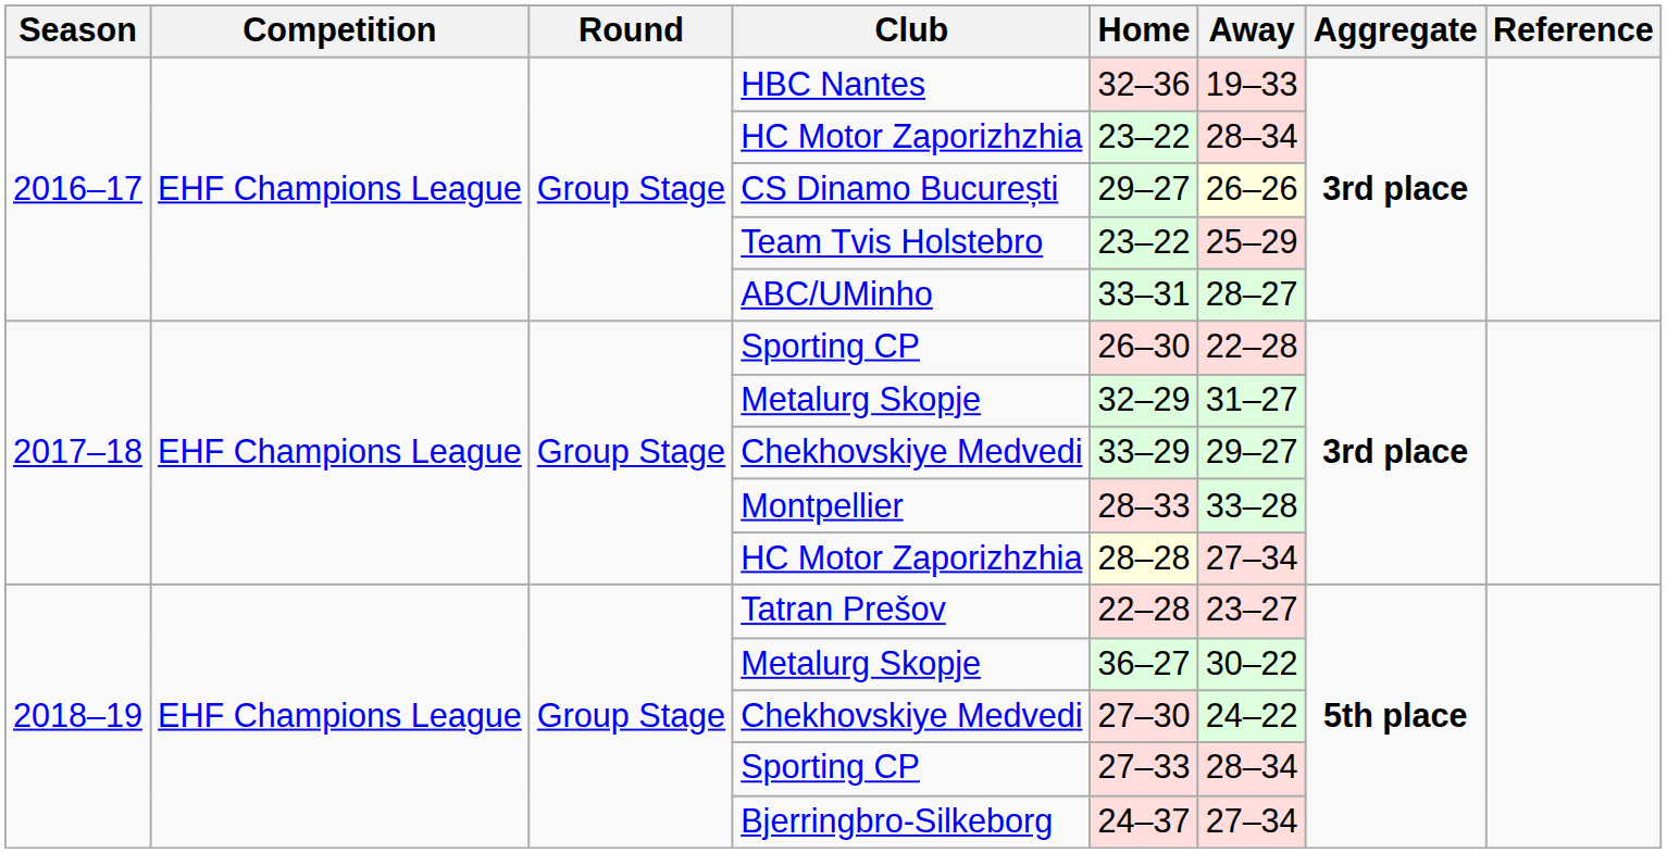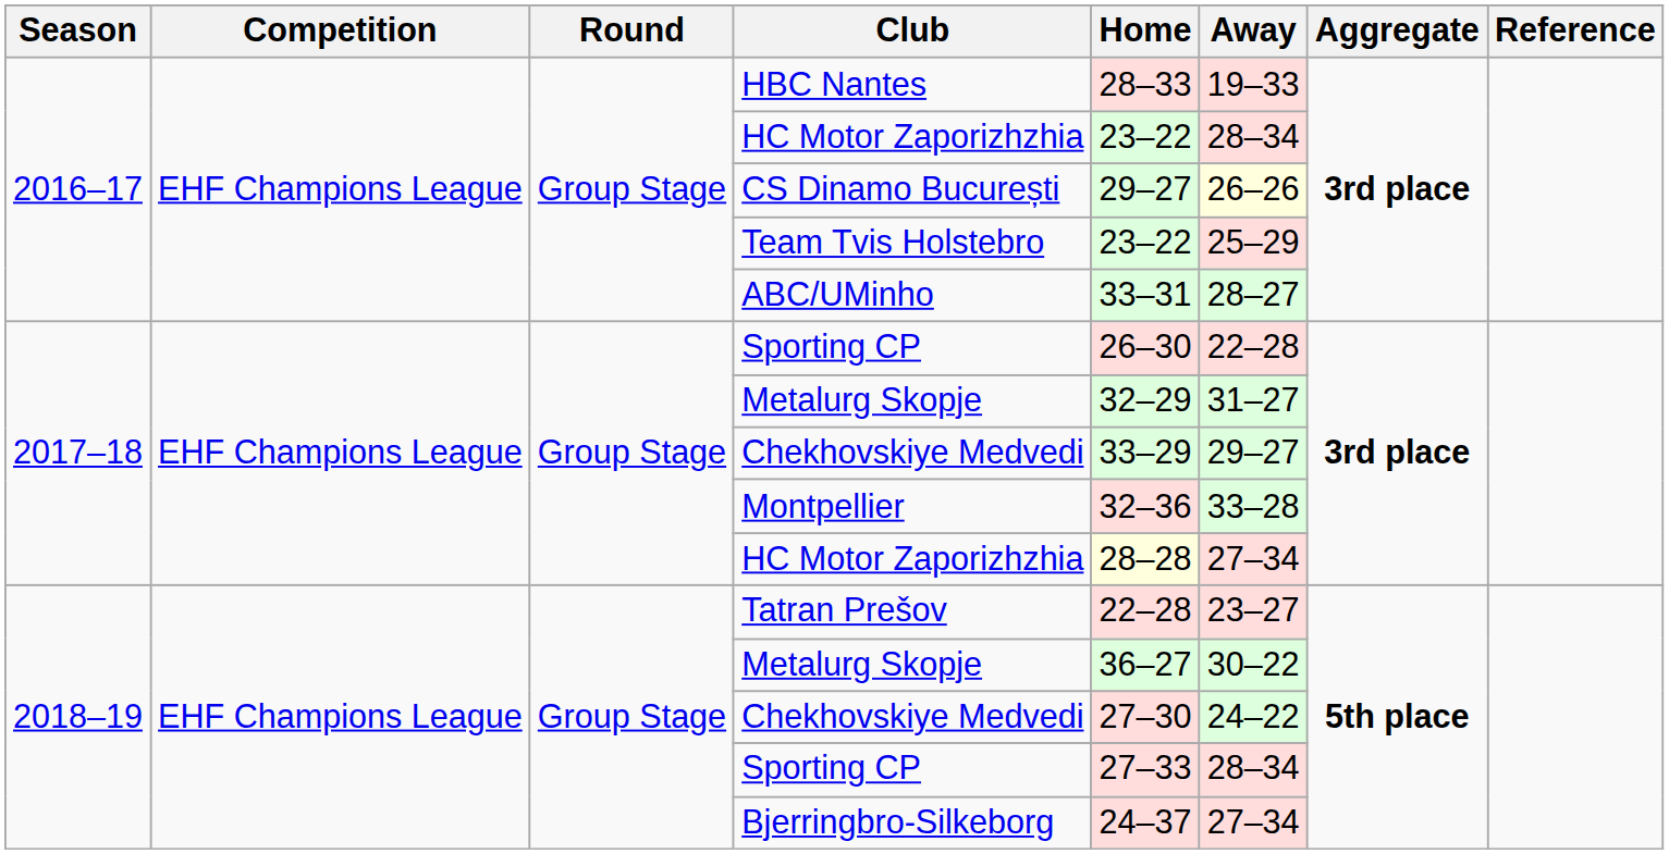 <table class="wikitable">
 <tr>
 <th>Season</th>
 <th>Competition</th>
 <th>Round</th>
 <th>Club</th>
 <th>Home</th>
 <th>Away</th>
 <th>Aggregate</th>
 <th>Reference</th>
 </tr>
 <tr>
 <td rowspan="5"><a href='#'>2016–17</a></td>
 <td rowspan="5"><a href='#'>EHF Champions League</a></td>
 <td rowspan="5" style="text-align:center;"><a href='#'>Group Stage</a></td>
 <td> <a href='#'>HBC Nantes</a></td>
-<td style="text-align:center; background:#fdd;">32–36</td>
+<td style="text-align:center; background:#fdd;">28–33</td>
 <td style="text-align:center; background:#fdd;">19–33</td>
 <td rowspan="5" style="text-align:center;"><strong>3rd place</strong></td>
 <td rowspan="5" style="text-align:center;"></td>
 </tr>
 <tr>
 <td> <a href='#'>HC Motor Zaporizhzhia</a></td>
 <td style="text-align:center; background:#dfd;">23–22</td>
 <td style="text-align:center; background:#fdd;">28–34</td>
 </tr>
 <tr>
 <td> <a href='#'>CS Dinamo București</a></td>
 <td style="text-align:center; background:#dfd;">29–27</td>
 <td style="text-align:center; background:#ffd;">26–26</td>
 </tr>
 <tr>
 <td> <a href='#'>Team Tvis Holstebro</a></td>
 <td style="text-align:center; background:#dfd;">23–22</td>
 <td style="text-align:center; background:#fdd;">25–29</td>
 </tr>
 <tr>
 <td> <a href='#'>ABC/UMinho</a></td>
 <td style="text-align:center; background:#dfd;">33–31</td>
 <td style="text-align:center; background:#dfd;">28–27</td>
 </tr>
 <tr>
 <td rowspan="5"><a href='#'>2017–18</a></td>
 <td rowspan="5"><a href='#'>EHF Champions League</a></td>
 <td rowspan="5" style="text-align:center;"><a href='#'>Group Stage</a></td>
 <td> <a href='#'>Sporting CP</a></td>
 <td style="text-align:center; background:#fdd;">26–30</td>
 <td style="text-align:center; background:#fdd;">22–28</td>
 <td rowspan="5" style="text-align:center;"><strong>3rd place</strong></td>
 <td rowspan="5" style="text-align:center;"></td>
 </tr>
 <tr>
 <td> <a href='#'>Metalurg Skopje</a></td>
 <td style="text-align:center; background:#dfd;">32–29</td>
 <td style="text-align:center; background:#dfd;">31–27</td>
 </tr>
 <tr>
 <td> <a href='#'>Chekhovskiye Medvedi</a></td>
 <td style="text-align:center; background:#dfd;">33–29</td>
 <td style="text-align:center; background:#dfd;">29–27</td>
 </tr>
 <tr>
 <td> <a href='#'>Montpellier</a></td>
-<td style="text-align:center; background:#fdd;">28–33</td>
+<td style="text-align:center; background:#fdd;">32–36</td>
 <td style="text-align:center; background:#dfd;">33–28</td>
 </tr>
 <tr>
 <td> <a href='#'>HC Motor Zaporizhzhia</a></td>
 <td style="text-align:center; background:#ffd;">28–28</td>
 <td style="text-align:center; background:#fdd;">27–34</td>
 </tr>
 <tr>
 <td rowspan="5"><a href='#'>2018–19</a></td>
 <td rowspan="5"><a href='#'>EHF Champions League</a></td>
 <td rowspan="5" style="text-align:center;"><a href='#'>Group Stage</a></td>
 <td> <a href='#'>Tatran Prešov</a></td>
 <td style="text-align:center; background:#fdd;">22–28</td>
 <td style="text-align:center; background:#fdd;">23–27</td>
 <td rowspan="5" style="text-align:center;"><strong>5th place</strong></td>
 <td rowspan="5" style="text-align:center;"></td>
 </tr>
 <tr>
 <td> <a href='#'>Metalurg Skopje</a></td>
 <td style="text-align:center; background:#dfd;">36–27</td>
 <td style="text-align:center; background:#dfd;">30–22</td>
 </tr>
 <tr>
 <td> <a href='#'>Chekhovskiye Medvedi</a></td>
 <td style="text-align:center; background:#fdd;">27–30</td>
 <td style="text-align:center; background:#dfd;">24–22</td>
 </tr>
 <tr>
 <td> <a href='#'>Sporting CP</a></td>
 <td style="text-align:center; background:#fdd;">27–33</td>
 <td style="text-align:center; background:#fdd;">28–34</td>
 </tr>
 <tr>
 <td> <a href='#'>Bjerringbro-Silkeborg</a></td>
 <td style="text-align:center; background:#fdd;">24–37</td>
 <td style="text-align:center; background:#fdd;">27–34</td>
 </tr>
 </table>
